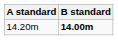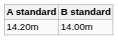 <table class="wikitable" border="1" align="upright">
 <tr>
 <th>A standard</th>
 <th>B standard</th>
 </tr>
 <tr>
 <td>14.20m</td>
-<td><strong>14.00m</strong></td>
+<td>14.00m</td>
 </tr>
 </table>
